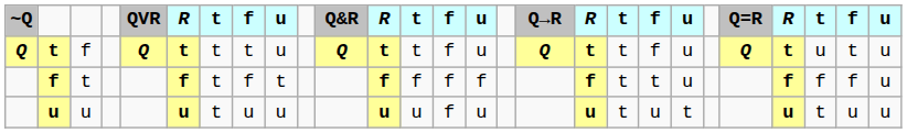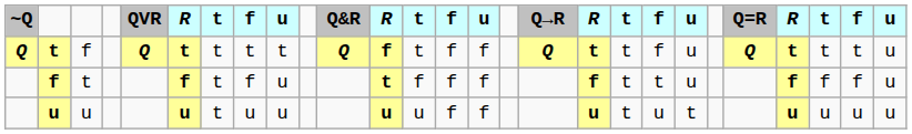 <table class="wikitable">
 <tr style="font-size:9pt" align="center" valign="bottom">
 <td style="background-color:#C0C0C0;font-weight:bold" width="15" Height="9.6">~Q</td>
 <td style="font-weight:bold;font-style:Italic" width="15"></td>
 <td style="font-weight:bold" width="15"></td>
 <td width="5.4"></td>
 <td style="background-color:#C0C0C0;font-weight:bold" width="25.2">QVR</td>
 <td style="background-color:#CCFFFF;font-weight:bold;font-style:Italic" width="15">R</td>
 <td style="background-color:#CCFFFF;font-weight:bold" width="15">t</td>
 <td style="background-color:#CCFFFF;font-weight:bold" width="15">f</td>
 <td style="background-color:#CCFFFF;font-weight:bold" width="15">u</td>
 <td width="6"></td>
 <td style="background-color:#C0C0C0;font-weight:bold" width="28.2">Q&R</td>
 <td style="background-color:#CCFFFF;font-weight:bold;font-style:Italic" width="15">R</td>
 <td style="background-color:#CCFFFF;font-weight:bold" width="15">t</td>
 <td style="background-color:#CCFFFF;font-weight:bold" width="15">f</td>
 <td style="background-color:#CCFFFF;font-weight:bold" width="15">u</td>
 <td width="5.4"></td>
 <td style="background-color:#C0C0C0;font-weight:bold" width="32.4">Q→R</td>
 <td style="background-color:#CCFFFF;font-weight:bold;font-style:Italic" width="15">R</td>
 <td style="background-color:#CCFFFF;font-weight:bold" width="15">t</td>
 <td style="background-color:#CCFFFF;font-weight:bold" width="15">f</td>
 <td style="background-color:#CCFFFF;font-weight:bold" width="15">u</td>
 <td width="4.2"></td>
 <td style="background-color:#C0C0C0;font-weight:bold" width="28.2">Q=R</td>
 <td style="background-color:#CCFFFF;font-weight:bold;font-style:Italic" width="15">R</td>
 <td style="background-color:#CCFFFF;font-weight:bold" width="15">t</td>
 <td style="background-color:#CCFFFF;font-weight:bold" width="15">f</td>
 <td style="background-color:#CCFFFF;font-weight:bold" width="15">u</td>
 </tr>
 <tr style="font-size:9pt" align="center" valign="bottom">
 <td style="background-color:#FFFF99;font-weight:bold;font-style:Italic" Height="9.6">Q</td>
 <td style="background-color:#FFFF99;font-weight:bold">t</td>
 <td>f</td>
 <td></td>
 <td style="background-color:#FFFF99;font-weight:bold;font-style:Italic">Q</td>
 <td style="background-color:#FFFF99;font-weight:bold">t</td>
 <td>t</td>
 <td>t</td>
-<td>u</td>
+<td>t</td>
+<td></td>
+<td style="background-color:#FFFF99;font-weight:bold;font-style:Italic">Q</td>
+<td style="background-color:#FFFF99;font-weight:bold">f</td>
+<td>t</td>
+<td>f</td>
+<td>f</td>
 <td></td>
 <td style="background-color:#FFFF99;font-weight:bold;font-style:Italic">Q</td>
 <td style="background-color:#FFFF99;font-weight:bold">t</td>
 <td>t</td>
 <td>f</td>
 <td>u</td>
 <td></td>
 <td style="background-color:#FFFF99;font-weight:bold;font-style:Italic">Q</td>
 <td style="background-color:#FFFF99;font-weight:bold">t</td>
 <td>t</td>
-<td>f</td>
-<td>u</td>
-<td></td>
-<td style="background-color:#FFFF99;font-weight:bold;font-style:Italic">Q</td>
-<td style="background-color:#FFFF99;font-weight:bold">t</td>
-<td>u</td>
 <td>t</td>
 <td>u</td>
 </tr>
 <tr style="font-size:9pt" align="center" valign="bottom">
 <td Height="9.6"></td>
 <td style="background-color:#FFFF99;font-weight:bold">f</td>
 <td>t</td>
 <td></td>
 <td></td>
 <td style="background-color:#FFFF99;font-weight:bold">f</td>
 <td>t</td>
 <td>f</td>
-<td>t</td>
+<td>u</td>
 <td></td>
 <td></td>
-<td style="background-color:#FFFF99;font-weight:bold">f</td>
+<td style="background-color:#FFFF99;font-weight:bold">t</td>
 <td>f</td>
 <td>f</td>
 <td>f</td>
 <td></td>
 <td></td>
 <td style="background-color:#FFFF99;font-weight:bold">f</td>
 <td>t</td>
 <td>t</td>
 <td>u</td>
 <td></td>
 <td></td>
 <td style="background-color:#FFFF99;font-weight:bold">f</td>
 <td>f</td>
 <td>f</td>
 <td>u</td>
 </tr>
 <tr style="font-size:9pt" align="center" valign="bottom">
 <td Height="9.6"></td>
 <td style="background-color:#FFFF99;font-weight:bold">u</td>
 <td>u</td>
 <td></td>
 <td></td>
 <td style="background-color:#FFFF99;font-weight:bold">u</td>
 <td>t</td>
 <td>u</td>
 <td>u</td>
 <td></td>
 <td></td>
 <td style="background-color:#FFFF99;font-weight:bold">u</td>
 <td>u</td>
 <td>f</td>
-<td>u</td>
+<td>f</td>
 <td></td>
 <td></td>
 <td style="background-color:#FFFF99;font-weight:bold">u</td>
 <td>t</td>
 <td>u</td>
 <td>t</td>
 <td></td>
 <td></td>
 <td style="background-color:#FFFF99;font-weight:bold">u</td>
-<td>t</td>
+<td>u</td>
 <td>u</td>
 <td>u</td>
 </tr>
 </table>
